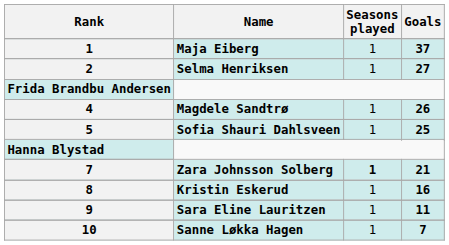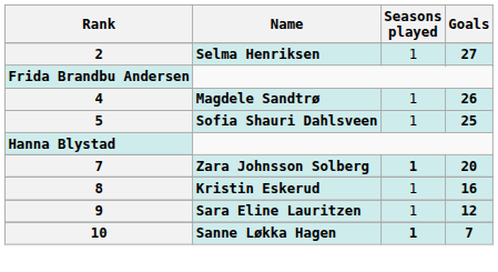 <table class="wikitable" style="text-align: center;">
 <tr>
 <th>Rank</th>
 <th class="unsortable">Name</th>
 <th>Seasons<br>played</th>
 <th>Goals</th>
 </tr>
 <tr>
-</tr>
-<tr style="background-color: #CFECEC;">
-<th>1</th>
-<td style="text-align: left;"> <strong>Maja Eiberg</strong></td>
-<td>1</td>
-<td><strong>37</strong></td>
 </tr>
 <tr>
 </tr>
 <tr style="background-color: #CFECEC;">
 <th rowspan=2>2</th>
 <td style="text-align: left;"> <strong>Selma Henriksen</strong></td>
 <td rowspan=2>1</td>
 <td rowspan=2><strong>27</strong></td>
 </tr>
 <tr>
 </tr>
 <tr style="background-color: #CFECEC;">
 <td style="text-align: left;"> <strong>Frida Brandbu Andersen</strong></td>
 </tr>
 <tr>
 </tr>
 <tr style="background-color: #CFECEC;">
 <th>4</th>
 <td style="text-align: left;"> <strong>Magdele Sandtrø</strong></td>
 <td>1</td>
 <td><strong>26</strong></td>
 </tr>
 <tr>
 </tr>
 <tr style="background-color: #CFECEC;">
 <th rowspan=2>5</th>
 <td style="text-align: left;"> <strong>Sofia Shauri Dahlsveen</strong></td>
 <td rowspan=2>1</td>
 <td rowspan=2><strong>25</strong></td>
 </tr>
 <tr>
 </tr>
 <tr style="background-color: #CFECEC;">
 <td style="text-align: left;"> <strong>Hanna Blystad</strong></td>
 </tr>
 <tr>
 </tr>
 <tr style="background-color: #CFECEC;">
 <th>7</th>
 <td style="text-align: left;"> <strong>Zara Johnsson Solberg</strong></td>
 <td><strong>1</strong></td>
-<td><strong>21</strong></td>
+<td><strong>20</strong></td>
 </tr>
 <tr>
 </tr>
 <tr style="background-color: #CFECEC;">
 <th>8</th>
 <td style="text-align: left;"> <strong>Kristin Eskerud</strong></td>
 <td>1</td>
 <td><strong>16</strong></td>
 </tr>
 <tr>
 </tr>
 <tr style="background-color: #CFECEC;">
 <th>9</th>
 <td style="text-align: left;"> <strong>Sara Eline Lauritzen</strong></td>
 <td>1</td>
-<td><strong>11</strong></td>
+<td><strong>12</strong></td>
 </tr>
 <tr>
 </tr>
 <tr style="background-color: #CFECEC;">
 <th>10</th>
 <td style="text-align: left;"> <strong>Sanne Løkka Hagen</strong></td>
-<td>1</td>
+<td><strong>1</strong></td>
 <td><strong>7</strong></td>
 </tr>
 </table>
